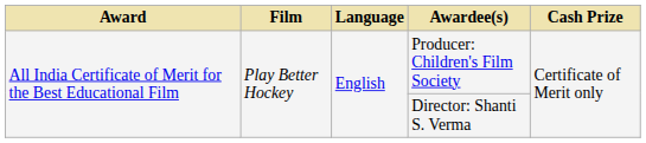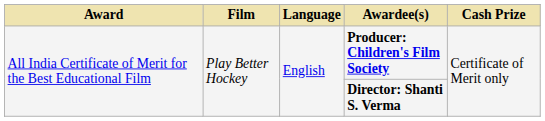 <table class="wikitable sortable" style="width:100%">
 <tr>
 <th style="background-color:#EFE4B0;width:40%;">Award</th>
 <th style="background-color:#EFE4B0;width:15%;">Film</th>
 <th style="background-color:#EFE4B0;width:7%;">Language</th>
 <th style="background-color:#EFE4B0;width:20%;">Awardee(s)</th>
 <th style="background-color:#EFE4B0;width:18%;">Cash Prize</th>
 </tr>
 <tr style="background-color:#F4F4F4">
 <td rowspan="2"><a href='#'>All India Certificate of Merit for the Best Educational Film</a></td>
 <td rowspan="2"><em>Play Better Hockey</em></td>
 <td rowspan="2"><a href='#'>English</a></td>
-<td>Producer: <a href='#'>Children's Film Society</a></td>
+<td><strong>Producer: <a href='#'>Children's Film Society</a></strong></td>
 <td rowspan="2">Certificate of Merit only</td>
 </tr>
 <tr style="background-color:#F4F4F4">
-<td>Director: Shanti S. Verma</td>
+<td><strong>Director: Shanti S. Verma</strong></td>
 </tr>
 </table>
